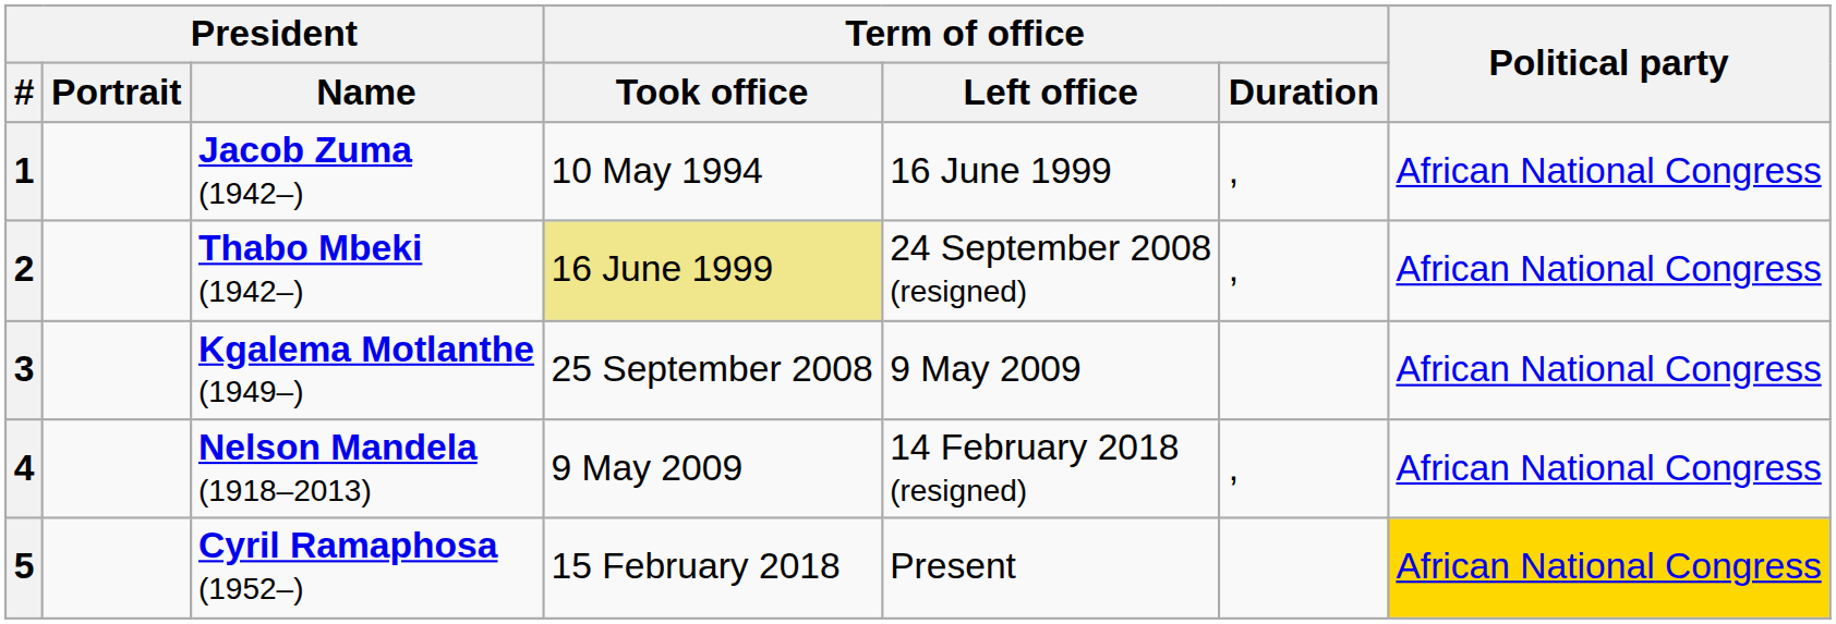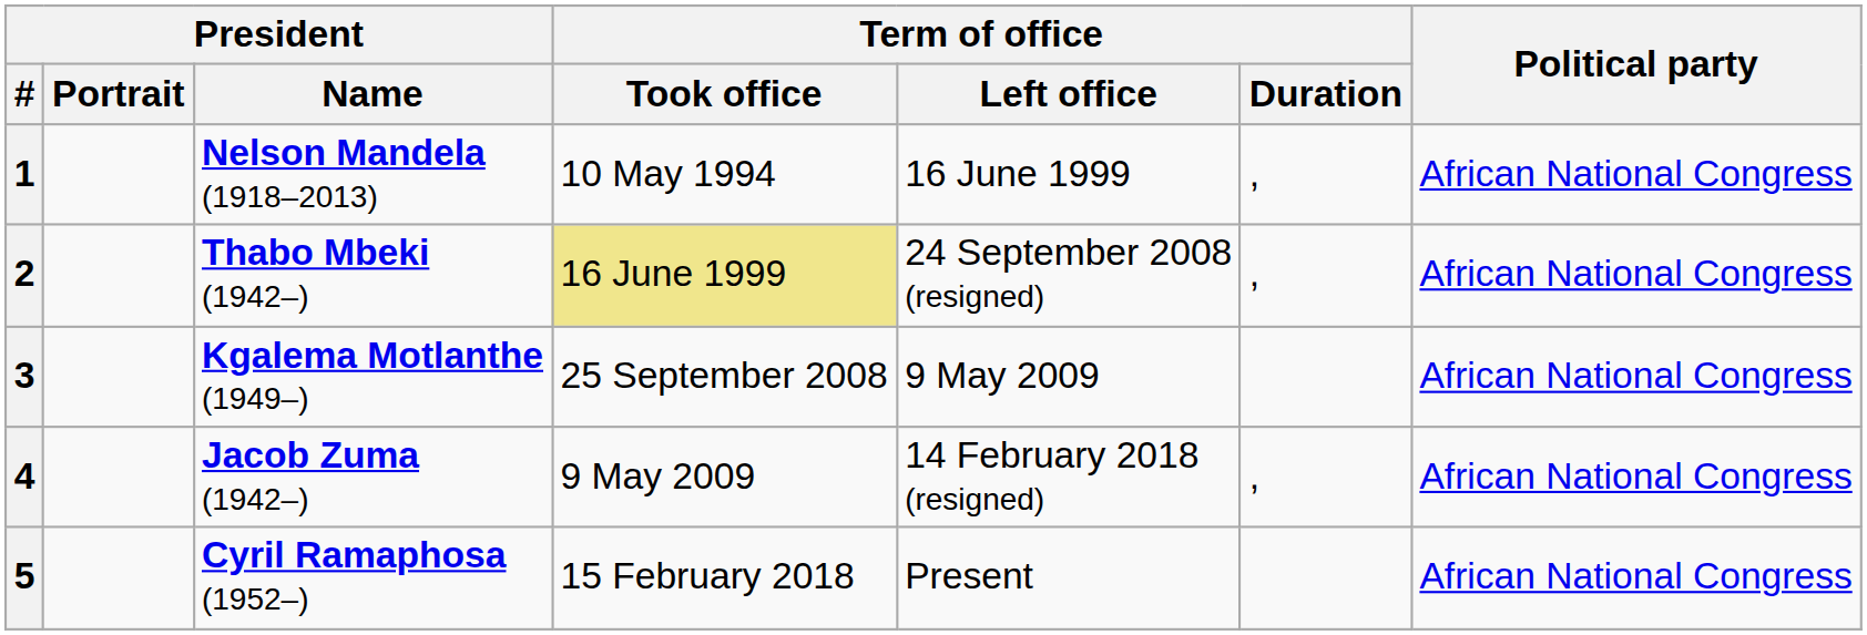 <table class="wikitable">
 <tr>
 <th colspan=3>President</th>
 <th colspan=3>Term of office</th>
 <th rowspan=2>Political party</th>
 </tr>
 <tr>
 <th>#</th>
 <th>Portrait</th>
 <th>Name</th>
 <th>Took office</th>
 <th>Left office</th>
 <th>Duration</th>
 </tr>
 <tr>
 <th style="background:">1</th>
 <td></td>
-<td><strong><a href='#'>Jacob Zuma</a></strong><br><small>(1942–)</small></td>
+<td><strong><a href='#'>Nelson Mandela</a></strong><br><small>(1918–2013)</small></td>
 <td>10 May 1994</td>
 <td>16 June 1999</td>
 <td>, </td>
 <td><a href='#'>African National Congress</a></td>
 </tr>
 <tr>
 <th style="background:">2</th>
 <td></td>
 <td><strong><a href='#'>Thabo Mbeki</a></strong><br><small>(1942–)</small></td>
 <td style="background: khaki;">16 June 1999</td>
 <td>24 September 2008<br><small>(resigned)</small></td>
 <td>, </td>
 <td><a href='#'>African National Congress</a></td>
 </tr>
 <tr>
 <th style="background:">3</th>
 <td></td>
 <td><strong><a href='#'>Kgalema Motlanthe</a></strong><br><small>(1949–)</small></td>
 <td>25 September 2008</td>
 <td>9 May 2009</td>
 <td></td>
 <td><a href='#'>African National Congress</a></td>
 </tr>
 <tr>
 <th style="background:">4</th>
 <td></td>
-<td><strong><a href='#'>Nelson Mandela</a></strong><br><small>(1918–2013)</small></td>
+<td><strong><a href='#'>Jacob Zuma</a></strong><br><small>(1942–)</small></td>
 <td>9 May 2009</td>
 <td>14 February 2018<br><small>(resigned)</small></td>
 <td>, </td>
 <td><a href='#'>African National Congress</a></td>
 </tr>
 <tr>
 <th style="background:">5</th>
 <td></td>
 <td><strong><a href='#'>Cyril Ramaphosa</a></strong><br><small>(1952–)</small></td>
 <td>15 February 2018</td>
 <td>Present</td>
 <td></td>
-<td style="background: gold;"><a href='#'>African National Congress</a></td>
+<td><a href='#'>African National Congress</a></td>
 </tr>
 </table>
